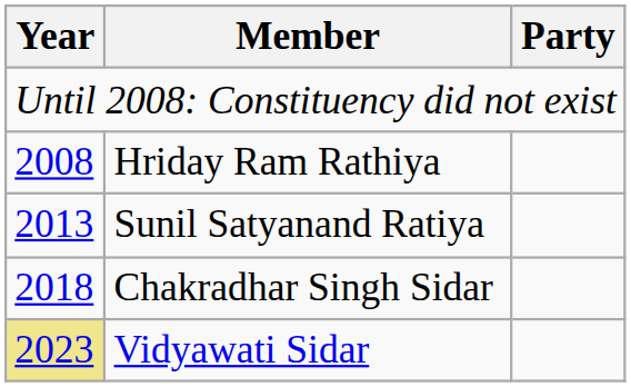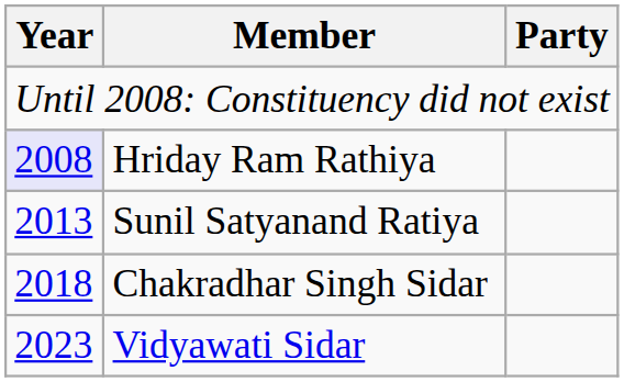 <table class="wikitable sortable">
 <tr>
 <th>Year</th>
 <th>Member</th>
 <th colspan=2>Party</th>
 </tr>
 <tr>
 <td colspan="4"><em>Until 2008: Constituency did not exist</em></td>
 </tr>
 <tr>
-<td><a href='#'>2008</a></td>
+<td style="background: lavender;"><a href='#'>2008</a></td>
 <td>Hriday Ram Rathiya</td>
 <td></td>
 </tr>
 <tr>
 <td><a href='#'>2013</a></td>
 <td>Sunil Satyanand Ratiya</td>
 <td></td>
 </tr>
 <tr>
 <td><a href='#'>2018</a></td>
 <td>Chakradhar Singh Sidar</td>
 <td></td>
 </tr>
 <tr>
-<td style="background: khaki;"><a href='#'>2023</a></td>
+<td><a href='#'>2023</a></td>
 <td><a href='#'>Vidyawati Sidar</a></td>
 </tr>
 </table>
